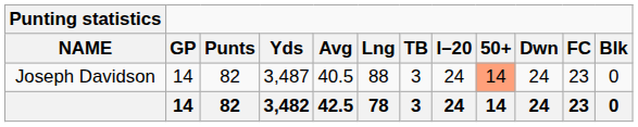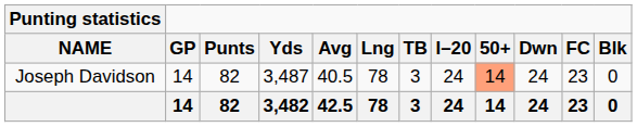 <table class="wikitable" style="text-align:center;">
 <tr>
 <th style="text-align:center; ">Punting statistics</th>
 </tr>
 <tr>
 <th>NAME</th>
 <th>GP</th>
 <th>Punts</th>
 <th>Yds</th>
 <th>Avg</th>
 <th>Lng</th>
 <th>TB</th>
 <th>I–20</th>
 <th>50+</th>
 <th>Dwn</th>
 <th>FC</th>
 <th>Blk</th>
 </tr>
 <tr>
 <td>Joseph Davidson</td>
 <td>14</td>
 <td>82</td>
 <td>3,487</td>
 <td>40.5</td>
-<td>88</td>
+<td>78</td>
 <td>3</td>
 <td>24</td>
 <td style="background: lightsalmon;">14</td>
 <td>24</td>
 <td>23</td>
 <td>0</td>
 </tr>
 <tr>
 <th colspan="1"></th>
 <th>14</th>
 <th>82</th>
 <th>3,482</th>
 <th>42.5</th>
 <th>78</th>
 <th>3</th>
 <th>24</th>
 <th>14</th>
 <th>24</th>
 <th>23</th>
 <th>0</th>
 </tr>
 </table>
